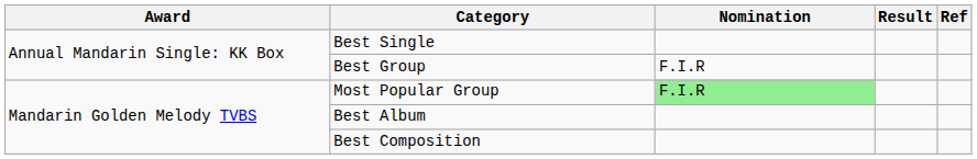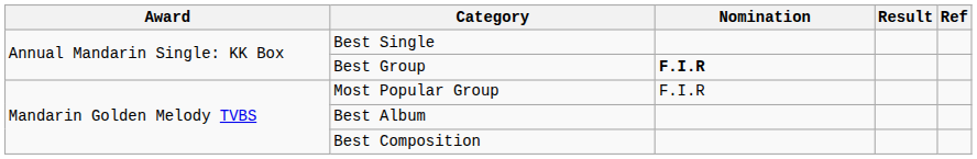 <table class="wikitable">
 <tr>
 <th width="270">Award</th>
 <th width="270">Category</th>
 <th width="180">Nomination</th>
 <th>Result</th>
 <th>Ref</th>
 </tr>
 <tr>
 <td rowspan="2">Annual Mandarin Single: KK Box</td>
 <td>Best Single</td>
 <td></td>
 <td></td>
 <td align="center"></td>
 </tr>
 <tr>
 <td>Best Group</td>
-<td>F.I.R</td>
+<td><strong>F.I.R</strong></td>
 <td></td>
 <td align="center"></td>
 </tr>
 <tr>
 <td rowspan="3">Mandarin Golden Melody <a href='#'>TVBS</a></td>
 <td>Most Popular Group</td>
-<td style="background: lightgreen;">F.I.R</td>
+<td>F.I.R</td>
 <td></td>
 <td align="center"></td>
 </tr>
 <tr>
 <td>Best Album</td>
 <td></td>
 <td></td>
 <td align="center"></td>
 </tr>
 <tr>
 <td>Best Composition</td>
 <td></td>
 <td></td>
 <td align="center"></td>
 </tr>
 </table>
